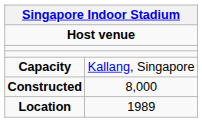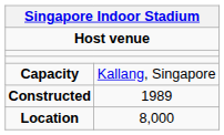 <table class=wikitable align=right style=text-align:center>
 <tr>
 <th colspan=2><a href='#'>Singapore Indoor Stadium</a></th>
 </tr>
 <tr>
 <td colspan=2><strong>Host venue</strong></td>
 </tr>
 <tr>
 <td colspan=2></td>
 </tr>
 <tr>
 <td colspan=2></td>
 </tr>
 <tr>
 <td><strong>Capacity</strong></td>
 <td><a href='#'>Kallang</a>, Singapore</td>
 </tr>
 <tr>
 <td><strong>Constructed</strong></td>
-<td>8,000</td>
+<td>1989</td>
 </tr>
 <tr>
 <td><strong>Location</strong></td>
-<td>1989</td>
+<td>8,000</td>
 </tr>
 </table>
